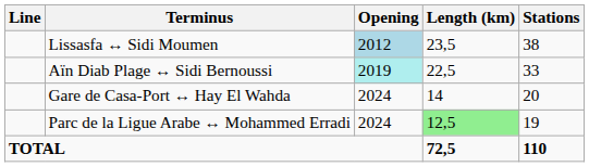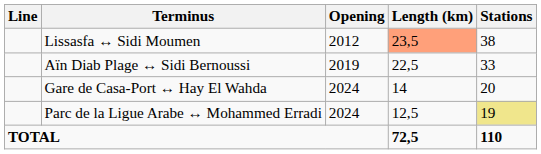 <table class="wikitable">
 <tr>
 <th>Line</th>
 <th>Terminus</th>
 <th>Opening</th>
 <th>Length (km)</th>
 <th>Stations</th>
 </tr>
 <tr>
 <td></td>
 <td>Lissasfa ↔ Sidi Moumen</td>
-<td style="background: lightblue;">2012</td>
-<td>23,5</td>
+<td>2012</td>
+<td style="background: lightsalmon;">23,5</td>
 <td>38</td>
 </tr>
 <tr>
 <td></td>
 <td>Aïn Diab Plage ↔ Sidi Bernoussi</td>
-<td style="background: paleturquoise;">2019</td>
+<td>2019</td>
 <td>22,5</td>
 <td>33</td>
 </tr>
 <tr>
 <td></td>
 <td>Gare de Casa-Port ↔ Hay El Wahda</td>
 <td>2024</td>
 <td>14</td>
 <td>20</td>
 </tr>
 <tr>
 <td></td>
 <td>Parc de la Ligue Arabe ↔ Mohammed Erradi</td>
 <td>2024</td>
-<td style="background: lightgreen;">12,5</td>
-<td>19</td>
+<td>12,5</td>
+<td style="background: khaki;">19</td>
 </tr>
 <tr>
 <td colspan="3"><strong>TOTAL</strong></td>
 <td><strong>72,5</strong></td>
 <td><strong>110</strong></td>
 </tr>
 </table>
